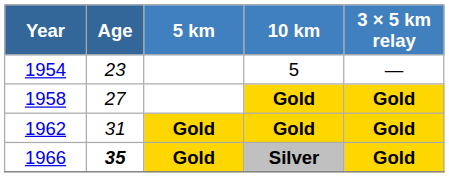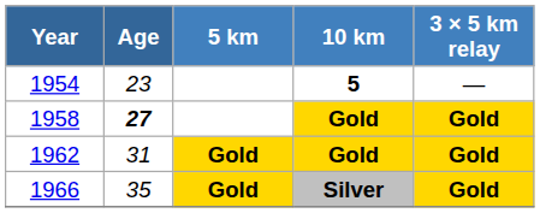 <table class="wikitable" style="font-size:95%; text-align:center; border:grey solid 1px; border-collapse:collapse; background:#ffffff;">
 <tr>
 <th style="background-color:#369; color:white; width:60px;"> Year </th>
 <th style="background-color:#369; color:white; width:40px;"> Age </th>
 <th style="background-color:#4180be; color:white; width:75px;"> 5 km </th>
 <th style="background-color:#4180be; color:white; width:75px;"> 10 km </th>
 <th style="background-color:#4180be; color:white; width:75px;"> 3 × 5 km <br> relay </th>
 </tr>
 <tr>
 <td><a href='#'>1954</a></td>
 <td><em>23</em></td>
 <td></td>
-<td>5</td>
+<td><strong>5</strong></td>
 <td>—</td>
 </tr>
 <tr>
 <td><a href='#'>1958</a></td>
-<td><em>27</em></td>
+<td><strong><em>27</em></strong></td>
 <td></td>
 <td style="background:gold;"><strong>Gold</strong></td>
 <td style="background:gold;"><strong>Gold</strong></td>
 </tr>
 <tr>
 <td><a href='#'>1962</a></td>
 <td><em>31</em></td>
 <td style="background:gold;"><strong>Gold</strong></td>
 <td style="background:gold;"><strong>Gold</strong></td>
 <td style="background:gold;"><strong>Gold</strong></td>
 </tr>
 <tr>
 <td><a href='#'>1966</a></td>
-<td><strong><em>35</em></strong></td>
+<td><em>35</em></td>
 <td style="background:gold;"><strong>Gold</strong></td>
 <td style="background:silver;"><strong>Silver</strong></td>
 <td style="background:gold;"><strong>Gold</strong></td>
 </tr>
 <tr>
 </tr>
 </table>
